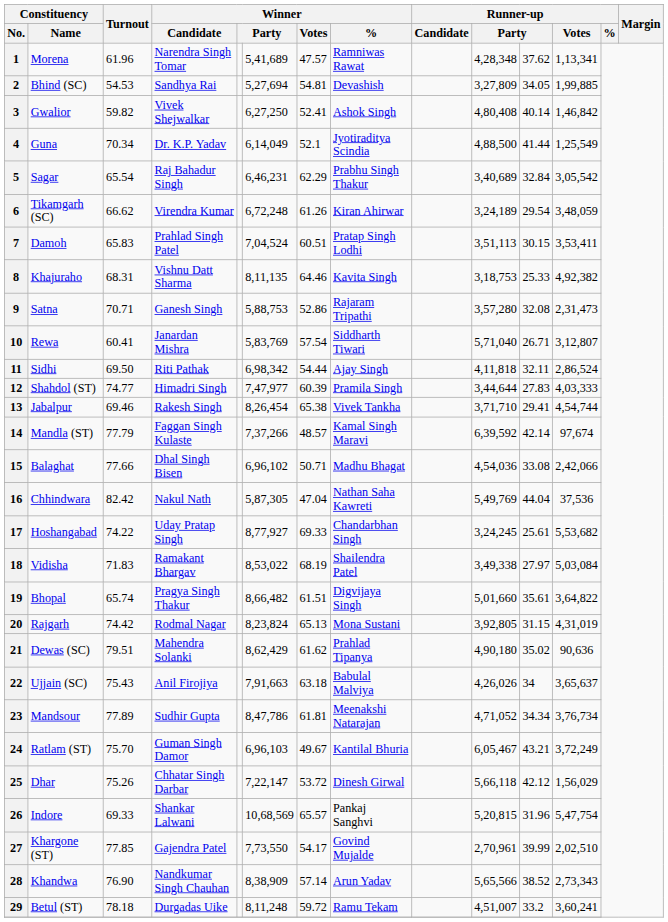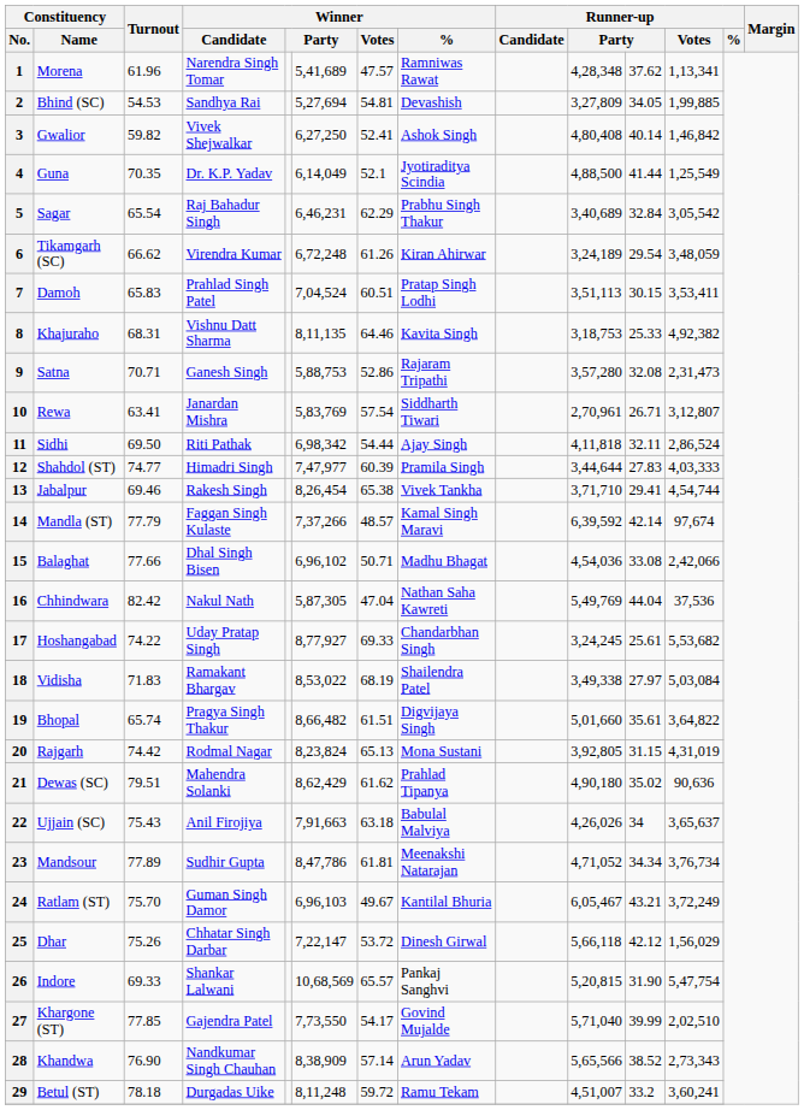 <table class="wikitable sortable">
 <tr>
 <th colspan="2">Constituency</th>
 <th rowspan="2">Turnout<strong></strong></th>
 <th colspan="5">Winner</th>
 <th colspan="5">Runner-up</th>
 <th rowspan="2" data-sort-type=number>Margin</th>
 </tr>
 <tr>
 <th>No.</th>
 <th>Name</th>
 <th>Candidate</th>
 <th colspan="2">Party</th>
 <th data-sort-type=number>Votes</th>
 <th>%</th>
 <th>Candidate</th>
 <th colspan="2">Party</th>
 <th data-sort-type=number>Votes</th>
 <th>%</th>
 </tr>
 <tr>
 <th>1</th>
 <td><a href='#'>Morena</a></td>
 <td>61.96 </td>
 <td><a href='#'>Narendra Singh Tomar</a></td>
 <td></td>
 <td>5,41,689</td>
 <td>47.57</td>
 <td><a href='#'>Ramniwas Rawat</a></td>
 <td></td>
 <td>4,28,348</td>
 <td>37.62</td>
 <td style="text-align:center;background:">1,13,341</td>
 </tr>
 <tr>
 <th>2</th>
 <td><a href='#'>Bhind</a> (SC)</td>
 <td>54.53 </td>
 <td><a href='#'>Sandhya Rai</a></td>
 <td></td>
 <td>5,27,694</td>
 <td>54.81</td>
 <td><a href='#'>Devashish</a></td>
 <td></td>
 <td>3,27,809</td>
 <td>34.05</td>
 <td style="text-align:center;background:">1,99,885</td>
 </tr>
 <tr>
 <th>3</th>
 <td><a href='#'>Gwalior</a></td>
 <td>59.82 </td>
 <td><a href='#'>Vivek Shejwalkar</a></td>
 <td></td>
 <td>6,27,250</td>
 <td>52.41</td>
 <td><a href='#'>Ashok Singh</a></td>
 <td></td>
 <td>4,80,408</td>
 <td>40.14</td>
 <td style="text-align:center;background:">1,46,842</td>
 </tr>
 <tr>
 <th>4</th>
 <td><a href='#'>Guna</a></td>
-<td>70.34 </td>
+<td>70.35 </td>
 <td><a href='#'>Dr. K.P. Yadav</a></td>
 <td></td>
 <td>6,14,049</td>
 <td>52.1</td>
 <td><a href='#'>Jyotiraditya Scindia</a></td>
 <td></td>
 <td>4,88,500</td>
 <td>41.44</td>
 <td style="text-align:center;background:">1,25,549</td>
 </tr>
 <tr>
 <th>5</th>
 <td><a href='#'>Sagar</a></td>
 <td>65.54 </td>
 <td><a href='#'>Raj Bahadur Singh</a></td>
 <td></td>
 <td>6,46,231</td>
 <td>62.29</td>
 <td><a href='#'>Prabhu Singh Thakur</a></td>
 <td></td>
 <td>3,40,689</td>
 <td>32.84</td>
 <td style="text-align:center;background:">3,05,542</td>
 </tr>
 <tr>
 <th>6</th>
 <td><a href='#'>Tikamgarh</a> (SC)</td>
 <td>66.62 </td>
 <td><a href='#'>Virendra Kumar</a></td>
 <td></td>
 <td>6,72,248</td>
 <td>61.26</td>
 <td><a href='#'>Kiran Ahirwar</a></td>
 <td></td>
 <td>3,24,189</td>
 <td>29.54</td>
 <td style="text-align:center;background:">3,48,059</td>
 </tr>
 <tr>
 <th>7</th>
 <td><a href='#'>Damoh</a></td>
 <td>65.83 </td>
 <td><a href='#'>Prahlad Singh Patel</a></td>
 <td></td>
 <td>7,04,524</td>
 <td>60.51</td>
 <td><a href='#'>Pratap Singh Lodhi</a></td>
 <td></td>
 <td>3,51,113</td>
 <td>30.15</td>
 <td style="text-align:center;background:">3,53,411</td>
 </tr>
 <tr>
 <th>8</th>
 <td><a href='#'>Khajuraho</a></td>
 <td>68.31 </td>
 <td><a href='#'>Vishnu Datt Sharma</a></td>
 <td></td>
 <td>8,11,135</td>
 <td>64.46</td>
 <td><a href='#'>Kavita Singh</a></td>
 <td></td>
 <td>3,18,753</td>
 <td>25.33</td>
 <td style="text-align:center;background:">4,92,382</td>
 </tr>
 <tr>
 <th>9</th>
 <td><a href='#'>Satna</a></td>
 <td>70.71 </td>
 <td><a href='#'>Ganesh Singh</a></td>
 <td></td>
 <td>5,88,753</td>
 <td>52.86</td>
 <td><a href='#'>Rajaram Tripathi</a></td>
 <td></td>
 <td>3,57,280</td>
 <td>32.08</td>
 <td style="text-align:center;background:">2,31,473</td>
 </tr>
 <tr>
 <th>10</th>
 <td><a href='#'>Rewa</a></td>
-<td>60.41 </td>
+<td>63.41 </td>
 <td><a href='#'>Janardan Mishra</a></td>
 <td></td>
 <td>5,83,769</td>
 <td>57.54</td>
 <td><a href='#'>Siddharth Tiwari</a></td>
 <td></td>
-<td>5,71,040</td>
+<td>2,70,961</td>
 <td>26.71</td>
 <td style="text-align:center;background:">3,12,807</td>
 </tr>
 <tr>
 <th>11</th>
 <td><a href='#'>Sidhi</a></td>
 <td>69.50 </td>
 <td><a href='#'>Riti Pathak</a></td>
 <td></td>
 <td>6,98,342</td>
 <td>54.44</td>
 <td><a href='#'>Ajay Singh</a></td>
 <td></td>
 <td>4,11,818</td>
 <td>32.11</td>
 <td style="text-align:center;background:">2,86,524</td>
 </tr>
 <tr>
 <th>12</th>
 <td><a href='#'>Shahdol</a> (ST)</td>
 <td>74.77 </td>
 <td><a href='#'>Himadri Singh</a></td>
 <td></td>
 <td>7,47,977</td>
 <td>60.39</td>
 <td><a href='#'>Pramila Singh</a></td>
 <td></td>
 <td>3,44,644</td>
 <td>27.83</td>
 <td style="text-align:center;background:">4,03,333</td>
 </tr>
 <tr>
 <th>13</th>
 <td><a href='#'>Jabalpur</a></td>
 <td>69.46 </td>
 <td><a href='#'>Rakesh Singh</a></td>
 <td></td>
 <td>8,26,454</td>
 <td>65.38</td>
 <td><a href='#'>Vivek Tankha</a></td>
 <td></td>
 <td>3,71,710</td>
 <td>29.41</td>
 <td style="text-align:center;background:">4,54,744</td>
 </tr>
 <tr>
 <th>14</th>
 <td><a href='#'>Mandla</a> (ST)</td>
 <td>77.79 </td>
 <td><a href='#'>Faggan Singh Kulaste</a></td>
 <td></td>
 <td>7,37,266</td>
 <td>48.57</td>
 <td><a href='#'>Kamal Singh Maravi</a></td>
 <td></td>
 <td>6,39,592</td>
 <td>42.14</td>
 <td style="text-align:center;background:">97,674</td>
 </tr>
 <tr>
 <th>15</th>
 <td><a href='#'>Balaghat</a></td>
 <td>77.66 </td>
 <td><a href='#'>Dhal Singh Bisen</a></td>
 <td></td>
 <td>6,96,102</td>
 <td>50.71</td>
 <td><a href='#'>Madhu Bhagat</a></td>
 <td></td>
 <td>4,54,036</td>
 <td>33.08</td>
 <td style="text-align:center;background:">2,42,066</td>
 </tr>
 <tr>
 <th>16</th>
 <td><a href='#'>Chhindwara</a></td>
 <td>82.42 </td>
 <td><a href='#'>Nakul Nath</a></td>
 <td></td>
 <td>5,87,305</td>
 <td>47.04</td>
 <td><a href='#'>Nathan Saha Kawreti</a></td>
 <td></td>
 <td>5,49,769</td>
 <td>44.04</td>
 <td style="text-align:center;background:">37,536</td>
 </tr>
 <tr>
 <th>17</th>
 <td><a href='#'>Hoshangabad</a></td>
 <td>74.22 </td>
 <td><a href='#'>Uday Pratap Singh</a></td>
 <td></td>
 <td>8,77,927</td>
 <td>69.33</td>
 <td><a href='#'>Chandarbhan Singh</a></td>
 <td></td>
 <td>3,24,245</td>
 <td>25.61</td>
 <td style="text-align:center;background:">5,53,682</td>
 </tr>
 <tr>
 <th>18</th>
 <td><a href='#'>Vidisha</a></td>
 <td>71.83 </td>
 <td><a href='#'>Ramakant Bhargav</a></td>
 <td></td>
 <td>8,53,022</td>
 <td>68.19</td>
 <td><a href='#'>Shailendra Patel</a></td>
 <td></td>
 <td>3,49,338</td>
 <td>27.97</td>
 <td style="text-align:center;background:">5,03,084</td>
 </tr>
 <tr>
 <th>19</th>
 <td><a href='#'>Bhopal</a></td>
 <td>65.74 </td>
 <td><a href='#'>Pragya Singh Thakur</a></td>
 <td></td>
 <td>8,66,482</td>
 <td>61.51</td>
 <td><a href='#'>Digvijaya Singh</a></td>
 <td></td>
 <td>5,01,660</td>
 <td>35.61</td>
 <td style="text-align:center;background:">3,64,822</td>
 </tr>
 <tr>
 <th>20</th>
 <td><a href='#'>Rajgarh</a></td>
 <td>74.42 </td>
 <td><a href='#'>Rodmal Nagar</a></td>
 <td></td>
 <td>8,23,824</td>
 <td>65.13</td>
 <td><a href='#'>Mona Sustani</a></td>
 <td></td>
 <td>3,92,805</td>
 <td>31.15</td>
 <td style="text-align:center;background:">4,31,019</td>
 </tr>
 <tr>
 <th>21</th>
 <td><a href='#'>Dewas</a> (SC)</td>
 <td>79.51 </td>
 <td><a href='#'>Mahendra Solanki</a></td>
 <td></td>
 <td>8,62,429</td>
 <td>61.62</td>
 <td><a href='#'>Prahlad Tipanya</a></td>
 <td></td>
 <td>4,90,180</td>
 <td>35.02</td>
 <td style="text-align:center;background:">90,636</td>
 </tr>
 <tr>
 <th>22</th>
 <td><a href='#'>Ujjain</a> (SC)</td>
 <td>75.43 </td>
 <td><a href='#'>Anil Firojiya</a></td>
 <td></td>
 <td>7,91,663</td>
 <td>63.18</td>
 <td><a href='#'>Babulal Malviya</a></td>
 <td></td>
 <td>4,26,026</td>
 <td>34</td>
 <td style="text-align:center;background:">3,65,637</td>
 </tr>
 <tr>
 <th>23</th>
 <td><a href='#'>Mandsour</a></td>
 <td>77.89 </td>
 <td><a href='#'>Sudhir Gupta</a></td>
 <td></td>
 <td>8,47,786</td>
 <td>61.81</td>
 <td><a href='#'>Meenakshi Natarajan</a></td>
 <td></td>
 <td>4,71,052</td>
 <td>34.34</td>
 <td style="text-align:center;background:">3,76,734</td>
 </tr>
 <tr>
 <th>24</th>
 <td><a href='#'>Ratlam</a> (ST)</td>
 <td>75.70 </td>
 <td><a href='#'>Guman Singh Damor</a></td>
 <td></td>
 <td>6,96,103</td>
 <td>49.67</td>
 <td><a href='#'>Kantilal Bhuria</a></td>
 <td></td>
 <td>6,05,467</td>
 <td>43.21</td>
 <td style="text-align:center;background:">3,72,249</td>
 </tr>
 <tr>
 <th>25</th>
 <td><a href='#'>Dhar</a></td>
 <td>75.26 </td>
 <td><a href='#'>Chhatar Singh Darbar</a></td>
 <td></td>
 <td>7,22,147</td>
 <td>53.72</td>
 <td><a href='#'>Dinesh Girwal</a></td>
 <td></td>
 <td>5,66,118</td>
 <td>42.12</td>
 <td style="text-align:center;background:">1,56,029</td>
 </tr>
 <tr>
 <th>26</th>
 <td><a href='#'>Indore</a></td>
 <td>69.33 </td>
 <td><a href='#'>Shankar Lalwani</a></td>
 <td></td>
 <td>10,68,569</td>
 <td>65.57</td>
 <td>Pankaj Sanghvi</td>
 <td></td>
 <td>5,20,815</td>
-<td>31.96</td>
+<td>31.90</td>
 <td style="text-align:center;background:">5,47,754</td>
 </tr>
 <tr>
 <th>27</th>
 <td><a href='#'>Khargone</a> (ST)</td>
 <td>77.85 </td>
 <td><a href='#'>Gajendra Patel</a></td>
 <td></td>
 <td>7,73,550</td>
 <td>54.17</td>
 <td><a href='#'>Govind Mujalde</a></td>
 <td></td>
-<td>2,70,961</td>
+<td>5,71,040</td>
 <td>39.99</td>
 <td style="text-align:center;background:">2,02,510</td>
 </tr>
 <tr>
 <th>28</th>
 <td><a href='#'>Khandwa</a></td>
 <td>76.90 </td>
 <td><a href='#'>Nandkumar Singh Chauhan</a></td>
 <td></td>
 <td>8,38,909</td>
 <td>57.14</td>
 <td><a href='#'>Arun Yadav</a></td>
 <td></td>
 <td>5,65,566</td>
 <td>38.52</td>
 <td style="text-align:center;background:">2,73,343</td>
 </tr>
 <tr>
 <th>29</th>
 <td><a href='#'>Betul</a> (ST)</td>
 <td>78.18 </td>
 <td><a href='#'>Durgadas Uike</a></td>
 <td></td>
 <td>8,11,248</td>
 <td>59.72</td>
 <td><a href='#'>Ramu Tekam</a></td>
 <td></td>
 <td>4,51,007</td>
 <td>33.2</td>
 <td style="text-align:center;background:">3,60,241</td>
 </tr>
 <tr>
 </tr>
 </table>
